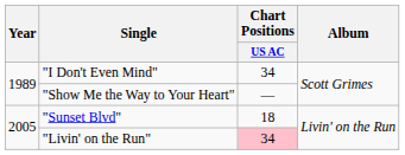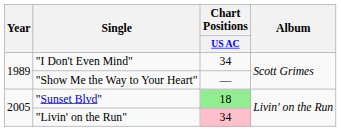 <table class="wikitable">
 <tr>
 <th rowspan="2">Year</th>
 <th rowspan="2">Single</th>
 <th>Chart Positions</th>
 <th rowspan="2">Album</th>
 </tr>
 <tr style="font-size:smaller;">
 <th style="width:50px;"><a href='#'>US AC</a></th>
 </tr>
 <tr>
 <td rowspan="2">1989</td>
 <td>"I Don't Even Mind"</td>
 <td style="text-align:center;">34</td>
 <td rowspan="2"><em>Scott Grimes</em></td>
 </tr>
 <tr>
 <td>"Show Me the Way to Your Heart"</td>
 <td style="text-align:center;">—</td>
 </tr>
 <tr>
 <td rowspan="2">2005</td>
 <td>"<a href='#'>Sunset Blvd</a>"</td>
-<td style="text-align:center;">18</td>
+<td style="background: lightgreen; text-align:center;">18</td>
 <td rowspan="2"><em>Livin' on the Run</em></td>
 </tr>
 <tr>
 <td>"Livin' on the Run"</td>
 <td style="background: pink; text-align:center;">34</td>
 </tr>
 </table>
